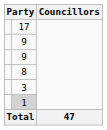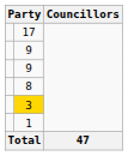 <table class="wikitable">
 <tr>
 <th colspan=2>Party</th>
 <th>Councillors</th>
 </tr>
 <tr>
 <td></td>
 <td align=center>17</td>
 </tr>
 <tr>
 <td></td>
 <td align=center>9</td>
 </tr>
 <tr>
 <td></td>
 <td align=center>9</td>
 </tr>
 <tr>
 <td></td>
 <td align=center>8</td>
 </tr>
 <tr>
 <td></td>
-<td align=center>3</td>
+<td align=center style="background: gold;">3</td>
 </tr>
 <tr>
 <td></td>
-<td align=center style="background: lightgrey;">1</td>
+<td align=center>1</td>
 </tr>
 <tr>
 <th colspan=2>Total</th>
 <th align=center>47</th>
 </tr>
 </table>
